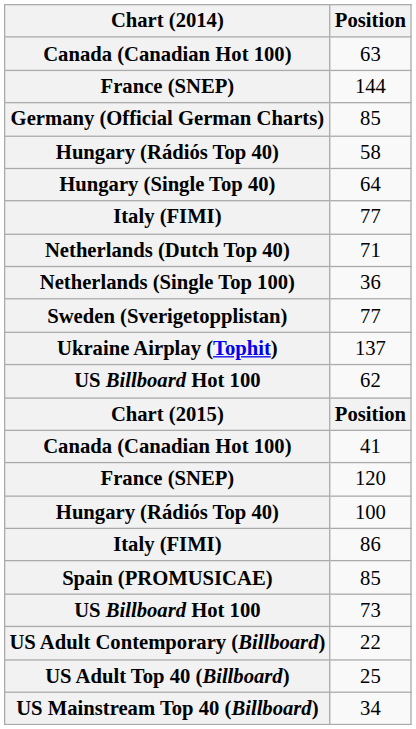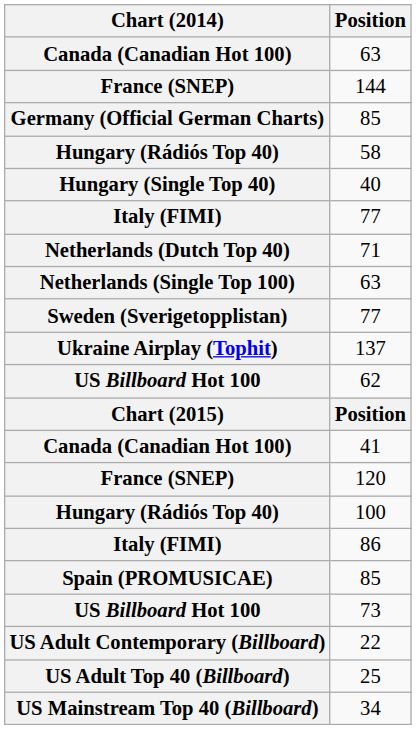 <table class="wikitable sortable plainrowheaders" style="text-align:center;">
 <tr>
 <th scope="col">Chart (2014)</th>
 <th scope="col">Position</th>
 </tr>
 <tr>
 <th scope="row">Canada (Canadian Hot 100)</th>
 <td style="text-align:center;">63</td>
 </tr>
 <tr>
 <th scope="row">France (SNEP)</th>
 <td style="text-align:center;">144</td>
 </tr>
 <tr>
 <th scope="row">Germany (Official German Charts)</th>
 <td style="text-align:center;">85</td>
 </tr>
 <tr>
 <th scope="row">Hungary (Rádiós Top 40)</th>
 <td style="text-align:center;">58</td>
 </tr>
 <tr>
 <th scope="row">Hungary (Single Top 40)</th>
-<td style="text-align:center;">64</td>
+<td style="text-align:center;">40</td>
 </tr>
 <tr>
 <th scope="row">Italy (FIMI)</th>
 <td align="center">77</td>
 </tr>
 <tr>
 <th scope="row">Netherlands (Dutch Top 40)</th>
 <td align="center">71</td>
 </tr>
 <tr>
 <th scope="row">Netherlands (Single Top 100)</th>
-<td align="center">36</td>
+<td align="center">63</td>
 </tr>
 <tr>
 <th scope="row">Sweden (Sverigetopplistan)</th>
 <td style="text-align:center;">77</td>
 </tr>
 <tr>
 <th scope="row">Ukraine Airplay (<a href='#'>Tophit</a>)</th>
 <td style="text-align:center;">137</td>
 </tr>
 <tr>
 <th scope="row">US <em>Billboard</em> Hot 100</th>
 <td style="text-align:center;">62</td>
 </tr>
 <tr>
 <th scope="col">Chart (2015)</th>
 <th scope="col">Position</th>
 </tr>
 <tr>
 <th scope="row">Canada (Canadian Hot 100)</th>
 <td>41</td>
 </tr>
 <tr>
 <th scope="row">France (SNEP)</th>
 <td>120</td>
 </tr>
 <tr>
 <th scope="row">Hungary (Rádiós Top 40)</th>
 <td>100</td>
 </tr>
 <tr>
 <th scope="row">Italy (FIMI)</th>
 <td>86</td>
 </tr>
 <tr>
 <th scope="row">Spain (PROMUSICAE)</th>
 <td>85</td>
 </tr>
 <tr>
 <th scope="row">US <em>Billboard</em> Hot 100</th>
 <td style="text-align:center;">73</td>
 </tr>
 <tr>
 <th scope="row">US Adult Contemporary (<em>Billboard</em>)</th>
 <td>22</td>
 </tr>
 <tr>
 <th scope="row">US Adult Top 40 (<em>Billboard</em>)</th>
 <td>25</td>
 </tr>
 <tr>
 <th scope="row">US Mainstream Top 40 (<em>Billboard</em>)</th>
 <td style="text-align:center;">34</td>
 </tr>
 </table>
